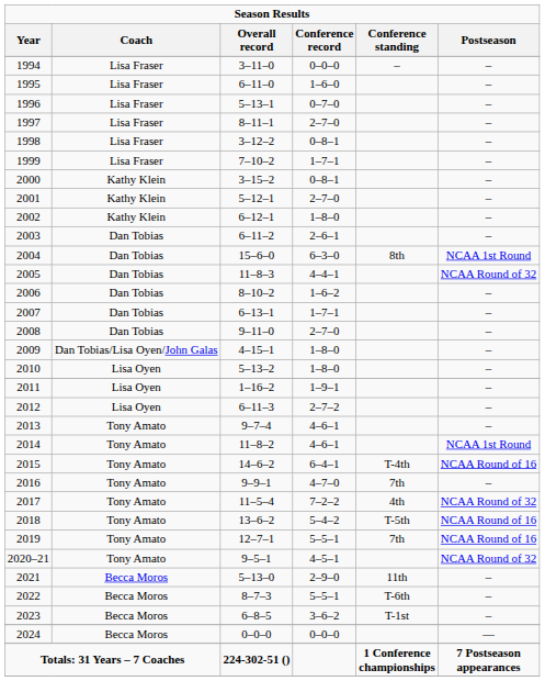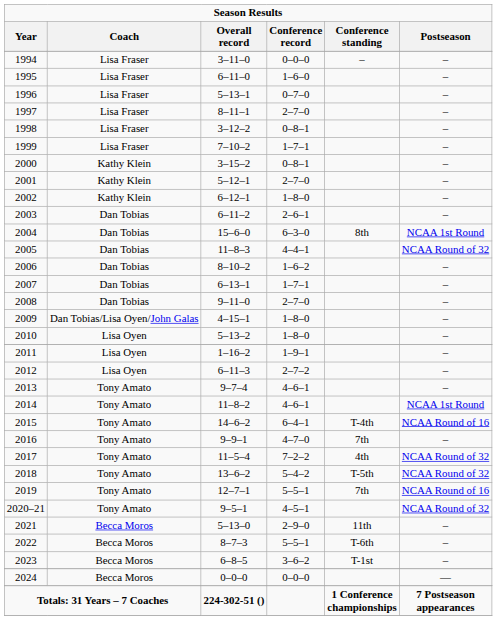 <table class="wikitable sortable" style="text-align:center">
 <tr>
 <td colspan="6" style="width: px; "><strong>Season Results</strong></td>
 </tr>
 <tr>
 <th width=px>Year</th>
 <th width=px>Coach</th>
 <th width=px>Overall<br> record</th>
 <th width=px>Conference<br>record</th>
 <th width=px>Conference<br>standing</th>
 <th width=px>Postseason</th>
 </tr>
 <tr>
 </tr>
 <tr>
 <td>1994</td>
 <td>Lisa Fraser</td>
 <td>3–11–0</td>
 <td>0–0–0</td>
 <td>–</td>
 <td>–</td>
 </tr>
 <tr>
 <td>1995</td>
 <td>Lisa Fraser</td>
 <td>6–11–0</td>
 <td>1–6–0</td>
 <td></td>
 <td>–</td>
 </tr>
 <tr>
 <td>1996</td>
 <td>Lisa Fraser</td>
 <td>5–13–1</td>
 <td>0–7–0</td>
 <td></td>
 <td>–</td>
 </tr>
 <tr>
 <td>1997</td>
 <td>Lisa Fraser</td>
 <td>8–11–1</td>
 <td>2–7–0</td>
 <td></td>
 <td>–</td>
 </tr>
 <tr>
 <td>1998</td>
 <td>Lisa Fraser</td>
 <td>3–12–2</td>
 <td>0–8–1</td>
 <td></td>
 <td>–</td>
 </tr>
 <tr>
 <td>1999</td>
 <td>Lisa Fraser</td>
 <td>7–10–2</td>
 <td>1–7–1</td>
 <td></td>
 <td>–</td>
 </tr>
 <tr>
 <td>2000</td>
 <td>Kathy Klein</td>
 <td>3–15–2</td>
 <td>0–8–1</td>
 <td></td>
 <td>–</td>
 </tr>
 <tr>
 <td>2001</td>
 <td>Kathy Klein</td>
 <td>5–12–1</td>
 <td>2–7–0</td>
 <td></td>
 <td>–</td>
 </tr>
 <tr>
 <td>2002</td>
 <td>Kathy Klein</td>
 <td>6–12–1</td>
 <td>1–8–0</td>
 <td></td>
 <td>–</td>
 </tr>
 <tr>
 <td>2003</td>
 <td>Dan Tobias</td>
 <td>6–11–2</td>
 <td>2–6–1</td>
 <td></td>
 <td>–</td>
 </tr>
 <tr>
 <td>2004</td>
 <td>Dan Tobias</td>
 <td>15–6–0</td>
 <td>6–3–0</td>
 <td>8th</td>
 <td><a href='#'>NCAA 1st Round</a></td>
 </tr>
 <tr>
 <td>2005</td>
 <td>Dan Tobias</td>
 <td>11–8–3</td>
 <td>4–4–1</td>
 <td></td>
 <td><a href='#'>NCAA Round of 32</a></td>
 </tr>
 <tr>
 <td>2006</td>
 <td>Dan Tobias</td>
 <td>8–10–2</td>
 <td>1–6–2</td>
 <td></td>
 <td>–</td>
 </tr>
 <tr>
 <td>2007</td>
 <td>Dan Tobias</td>
 <td>6–13–1</td>
 <td>1–7–1</td>
 <td></td>
 <td>–</td>
 </tr>
 <tr>
 <td>2008</td>
 <td>Dan Tobias</td>
 <td>9–11–0</td>
 <td>2–7–0</td>
 <td></td>
 <td>–</td>
 </tr>
 <tr>
 <td>2009</td>
 <td>Dan Tobias/Lisa Oyen/<a href='#'>John Galas</a></td>
 <td>4–15–1</td>
 <td>1–8–0</td>
 <td></td>
 <td>–</td>
 </tr>
 <tr>
 <td>2010</td>
 <td>Lisa Oyen</td>
 <td>5–13–2</td>
 <td>1–8–0</td>
 <td></td>
 <td>–</td>
 </tr>
 <tr>
 </tr>
 <tr>
 <td>2011</td>
 <td>Lisa Oyen</td>
 <td>1–16–2</td>
 <td>1–9–1</td>
 <td></td>
 <td>–</td>
 </tr>
 <tr>
 <td>2012</td>
 <td>Lisa Oyen</td>
 <td>6–11–3</td>
 <td>2–7–2</td>
 <td></td>
 <td>–</td>
 </tr>
 <tr>
 <td>2013</td>
 <td>Tony Amato</td>
 <td>9–7–4</td>
 <td>4–6–1</td>
 <td></td>
 <td>–</td>
 </tr>
 <tr>
 <td>2014</td>
 <td>Tony Amato</td>
 <td>11–8–2</td>
 <td>4–6–1</td>
 <td></td>
 <td><a href='#'>NCAA 1st Round</a></td>
 </tr>
 <tr>
 <td>2015</td>
 <td>Tony Amato</td>
 <td>14–6–2</td>
 <td>6–4–1</td>
 <td>T-4th</td>
 <td><a href='#'>NCAA Round of 16</a></td>
 </tr>
 <tr>
 <td>2016</td>
 <td>Tony Amato</td>
 <td>9–9–1</td>
 <td>4–7–0</td>
 <td>7th</td>
 <td>–</td>
 </tr>
 <tr>
 <td>2017</td>
 <td>Tony Amato</td>
 <td>11–5–4</td>
 <td>7–2–2</td>
 <td>4th</td>
 <td><a href='#'>NCAA Round of 32</a></td>
 </tr>
 <tr>
 <td>2018</td>
 <td>Tony Amato</td>
 <td>13–6–2</td>
 <td>5–4–2</td>
 <td>T-5th</td>
-<td><a href='#'>NCAA Round of 16</a></td>
+<td><a href='#'>NCAA Round of 32</a></td>
 </tr>
 <tr>
 <td>2019</td>
 <td>Tony Amato</td>
 <td>12–7–1</td>
 <td>5–5–1</td>
 <td>7th</td>
 <td><a href='#'>NCAA Round of 16</a></td>
 </tr>
 <tr>
 <td>2020–21</td>
 <td>Tony Amato</td>
 <td>9–5–1</td>
 <td>4–5–1</td>
 <td></td>
 <td><a href='#'>NCAA Round of 32</a></td>
 </tr>
 <tr>
 <td>2021</td>
 <td><a href='#'>Becca Moros</a></td>
 <td>5–13–0</td>
 <td>2–9–0</td>
 <td>11th</td>
 <td>–</td>
 </tr>
 <tr>
 <td>2022</td>
 <td>Becca Moros</td>
 <td>8–7–3</td>
 <td>5–5–1</td>
 <td>T-6th</td>
 <td>–</td>
 </tr>
 <tr>
 <td>2023</td>
 <td>Becca Moros</td>
 <td>6–8–5</td>
 <td>3–6–2</td>
 <td>T-1st</td>
 <td>–</td>
 </tr>
 <tr>
 </tr>
 <tr>
 <td>2024</td>
 <td>Becca Moros</td>
 <td>0–0–0</td>
 <td>0–0–0</td>
 <td></td>
 <td>—</td>
 </tr>
 <tr>
 </tr>
 <tr>
 <td colspan="2"><strong>Totals: 31 Years – 7 Coaches</strong></td>
 <td><strong>224-302-51 ()</strong></td>
 <td></td>
 <td><strong>1 Conference<br>championships</strong></td>
 <td><strong>7 Postseason<br>appearances</strong></td>
 </tr>
 <tr>
 </tr>
 </table>
